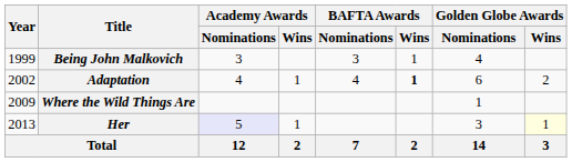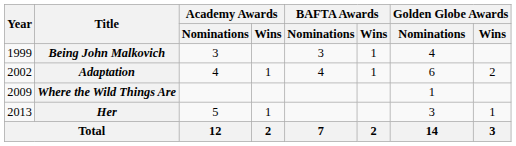 <table class="wikitable plainrowheaders">
 <tr>
 <th scope="col" rowspan="2">Year</th>
 <th scope="col" rowspan="2">Title</th>
 <th scope="colgroup" colspan="2" style="text-align:center;">Academy Awards</th>
 <th scope="colgroup" colspan="2" style="text-align:center;">BAFTA Awards</th>
 <th scope="colgroup" colspan="2" style="text-align:center;">Golden Globe Awards</th>
 </tr>
 <tr>
 <th scope="col">Nominations</th>
 <th scope="col">Wins</th>
 <th scope="col">Nominations</th>
 <th scope="col">Wins</th>
 <th scope="col">Nominations</th>
 <th scope="col">Wins</th>
 </tr>
 <tr>
 <td>1999</td>
 <th scope="row"><em>Being John Malkovich</em></th>
 <td align=center>3</td>
 <td></td>
 <td align=center>3</td>
 <td align=center>1</td>
 <td align=center>4</td>
 <td></td>
 </tr>
 <tr>
 <td>2002</td>
 <th scope="row"><em>Adaptation</em></th>
 <td align=center>4</td>
 <td align=center>1</td>
 <td align=center>4</td>
-<td align=center><strong>1</strong></td>
+<td align=center>1</td>
 <td align=center>6</td>
 <td align=center>2</td>
 </tr>
 <tr>
 <td>2009</td>
 <th scope="row"><em>Where the Wild Things Are</em></th>
 <td></td>
 <td></td>
 <td></td>
 <td></td>
 <td align=center>1</td>
 <td></td>
 </tr>
 <tr>
 <td>2013</td>
 <th scope="row"><em>Her</em></th>
-<td align=center style="background: lavender;">5</td>
+<td align=center>5</td>
 <td align=center>1</td>
 <td></td>
 <td></td>
 <td align=center>3</td>
-<td align=center style="background: lightyellow;">1</td>
+<td align=center>1</td>
 </tr>
 <tr>
 <th !scope="row" colspan="2"><strong>Total</strong></th>
 <th align=center>12</th>
 <th align=center>2</th>
 <th align=center>7</th>
 <th align=center>2</th>
 <th align=center>14</th>
 <th align=center>3</th>
 </tr>
 </table>
